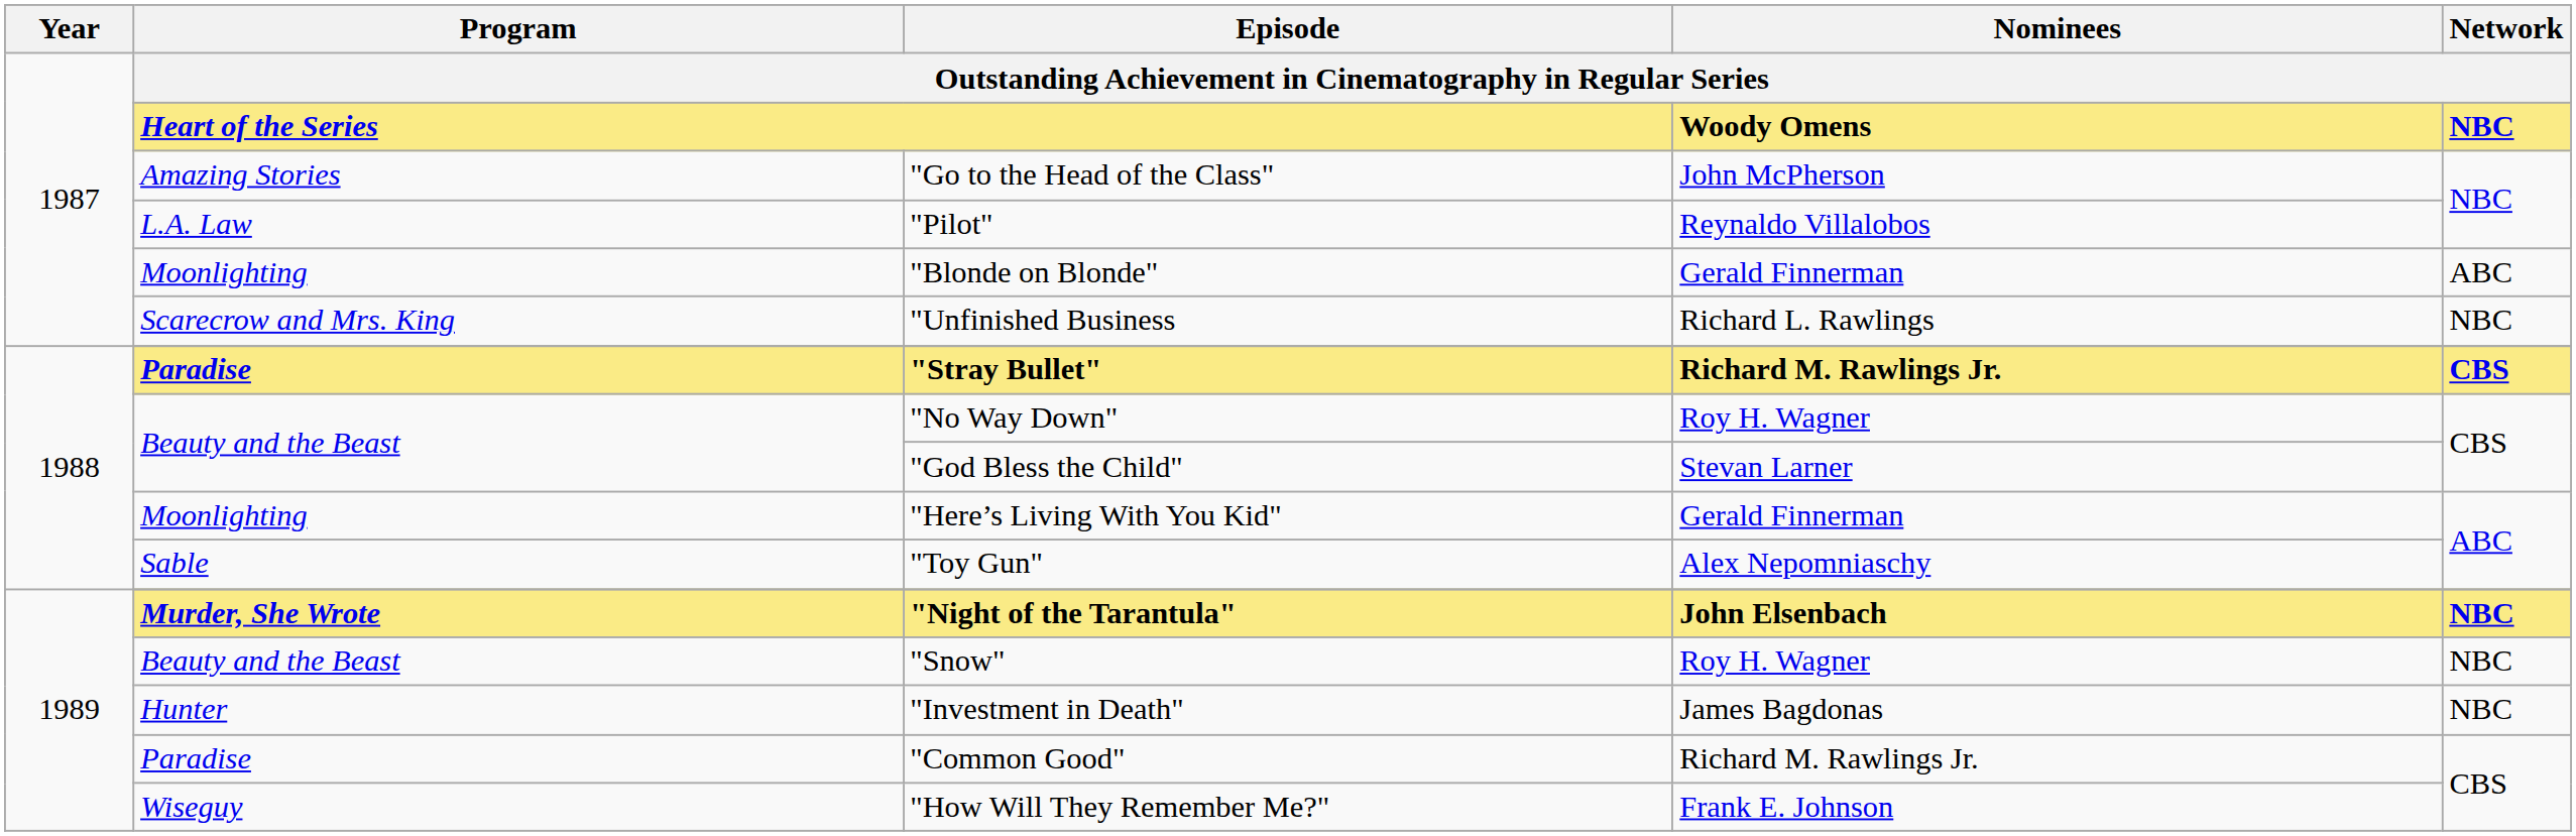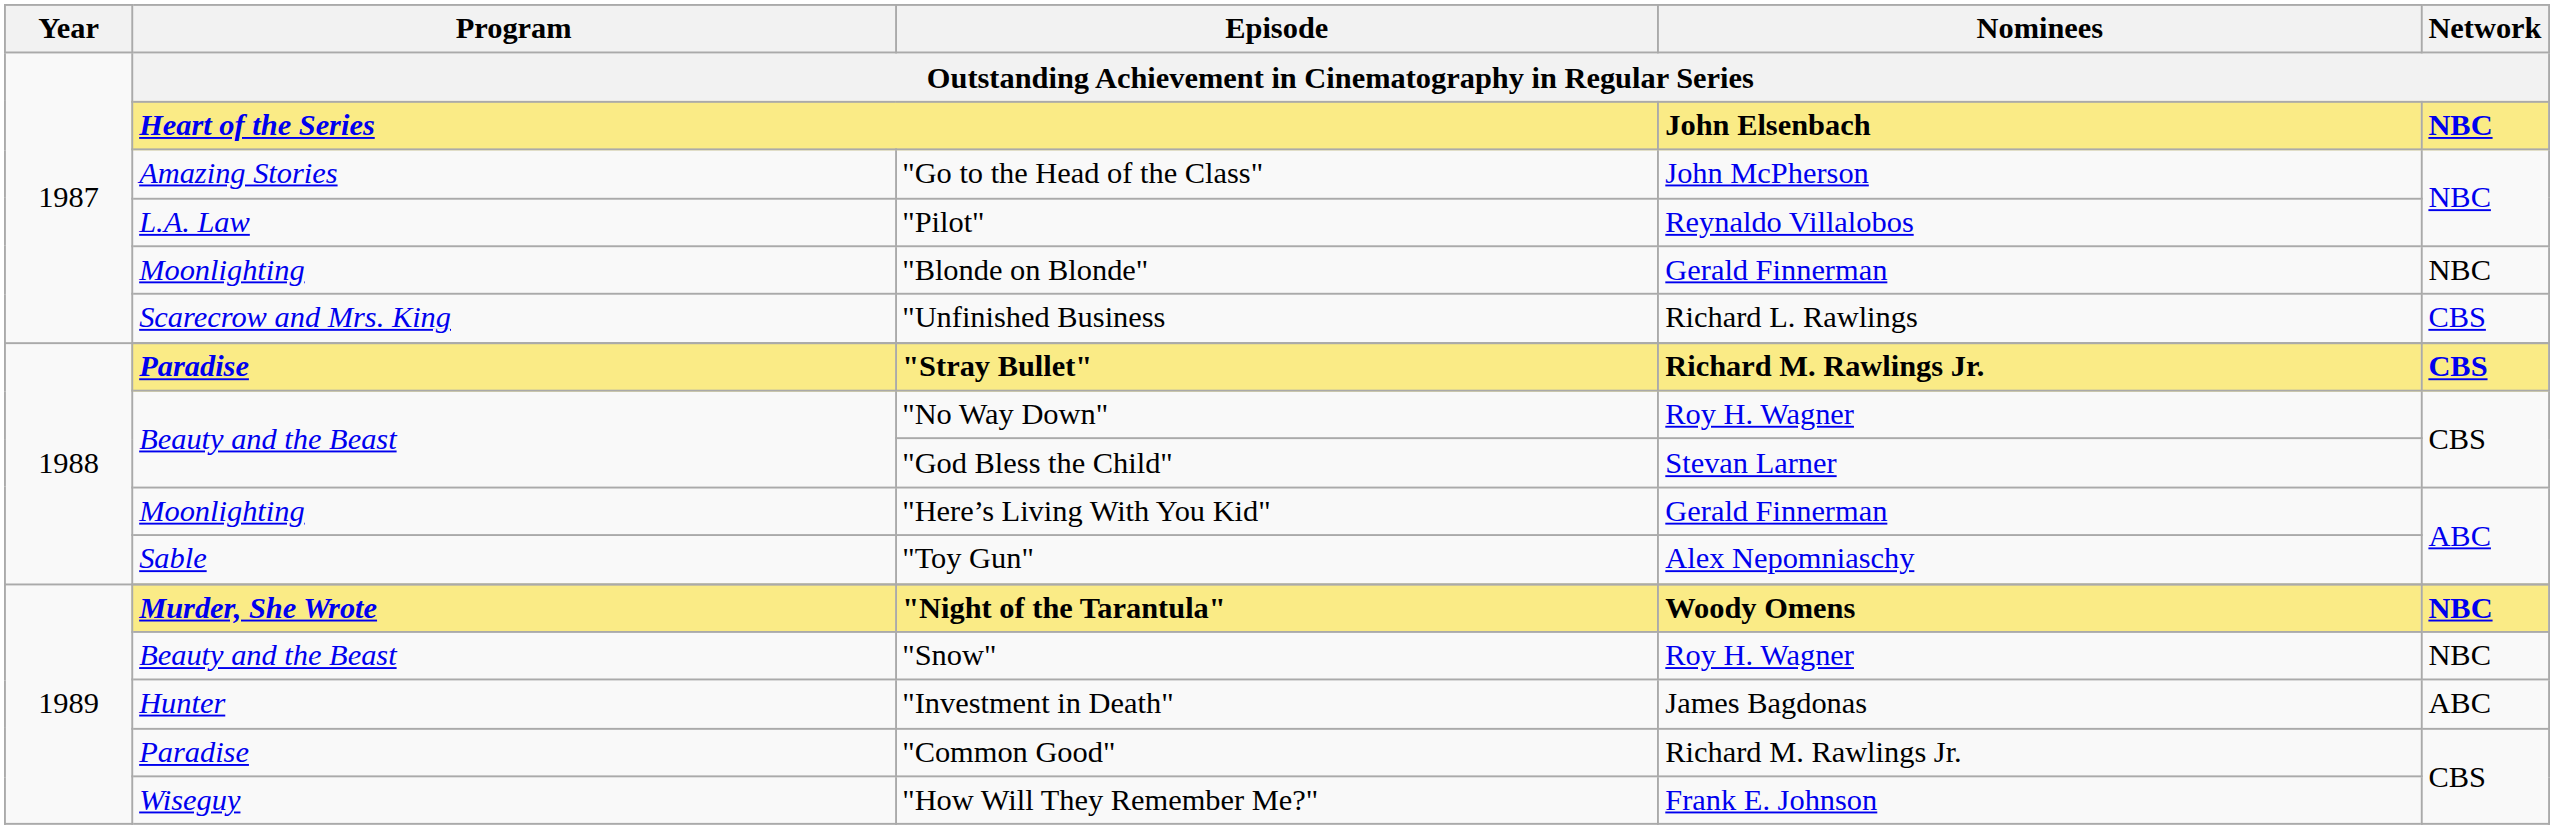 <table class="wikitable">
 <tr>
 <th width="5%">Year</th>
 <th width="30%">Program</th>
 <th width="30%">Episode</th>
 <th width="30%">Nominees</th>
 <th width="5%">Network</th>
 </tr>
 <tr>
 <td rowspan="6" style="text-align:center;">1987<br></td>
 <th colspan="4">Outstanding Achievement in Cinematography in Regular Series</th>
 </tr>
 <tr style="background:#FAEB86;">
 <td colspan="2"><strong><em><a href='#'>Heart of the Series</a></em></strong></td>
-<td><strong>Woody Omens</strong></td>
+<td><strong>John Elsenbach</strong></td>
 <td><strong><a href='#'>NBC</a></strong></td>
 </tr>
 <tr>
 <td><em><a href='#'>Amazing Stories</a></em></td>
 <td>"Go to the Head of the Class"</td>
 <td><a href='#'>John McPherson</a></td>
 <td rowspan=2><a href='#'>NBC</a></td>
 </tr>
 <tr>
 <td><em><a href='#'>L.A. Law</a></em></td>
 <td>"Pilot"</td>
 <td><a href='#'>Reynaldo Villalobos</a></td>
 </tr>
 <tr>
 <td><em><a href='#'>Moonlighting</a></em></td>
 <td>"Blonde on Blonde"</td>
 <td><a href='#'>Gerald Finnerman</a></td>
-<td>ABC</td>
+<td>NBC</td>
 </tr>
 <tr>
 <td><em><a href='#'>Scarecrow and Mrs. King</a></em></td>
 <td>"Unfinished Business</td>
 <td>Richard L. Rawlings</td>
-<td>NBC</td>
+<td><a href='#'>CBS</a></td>
 </tr>
 <tr>
 <td rowspan="6" style="text-align:center;">1988<br></td>
 </tr>
 <tr style="background:#FAEB86;">
 <td><strong><em><a href='#'>Paradise</a></em></strong></td>
 <td><strong>"Stray Bullet"</strong></td>
 <td><strong>Richard M. Rawlings Jr.</strong></td>
 <td><strong><a href='#'>CBS</a></strong></td>
 </tr>
 <tr>
 <td rowspan="2"><em><a href='#'>Beauty and the Beast</a></em></td>
 <td>"No Way Down"</td>
 <td><a href='#'>Roy H. Wagner</a></td>
 <td rowspan="2">CBS</td>
 </tr>
 <tr>
 <td>"God Bless the Child"</td>
 <td><a href='#'>Stevan Larner</a></td>
 </tr>
 <tr>
 <td><em><a href='#'>Moonlighting</a></em></td>
 <td>"Here’s Living With You Kid"</td>
 <td><a href='#'>Gerald Finnerman</a></td>
 <td rowspan="2"><a href='#'>ABC</a></td>
 </tr>
 <tr>
 <td><em><a href='#'>Sable</a></em></td>
 <td>"Toy Gun"</td>
 <td><a href='#'>Alex Nepomniaschy</a></td>
 </tr>
 <tr>
 <td rowspan="6" style="text-align:center;">1989<br></td>
 </tr>
 <tr style="background:#FAEB86;">
 <td><strong><em><a href='#'>Murder, She Wrote</a></em></strong></td>
 <td><strong>"Night of the Tarantula"</strong></td>
-<td><strong>John Elsenbach</strong></td>
+<td><strong>Woody Omens</strong></td>
 <td><strong><a href='#'>NBC</a></strong></td>
 </tr>
 <tr>
 <td><em><a href='#'>Beauty and the Beast</a></em></td>
 <td>"Snow"</td>
 <td><a href='#'>Roy H. Wagner</a></td>
 <td>NBC</td>
 </tr>
 <tr>
 <td><em><a href='#'>Hunter</a></em></td>
 <td>"Investment in Death"</td>
 <td>James Bagdonas</td>
-<td>NBC</td>
+<td>ABC</td>
 </tr>
 <tr>
 <td><em><a href='#'>Paradise</a></em></td>
 <td>"Common Good"</td>
 <td>Richard M. Rawlings Jr.</td>
 <td rowspan="2">CBS</td>
 </tr>
 <tr>
 <td><em><a href='#'>Wiseguy</a></em></td>
 <td>"How Will They Remember Me?"</td>
 <td><a href='#'>Frank E. Johnson</a></td>
 </tr>
 </table>
